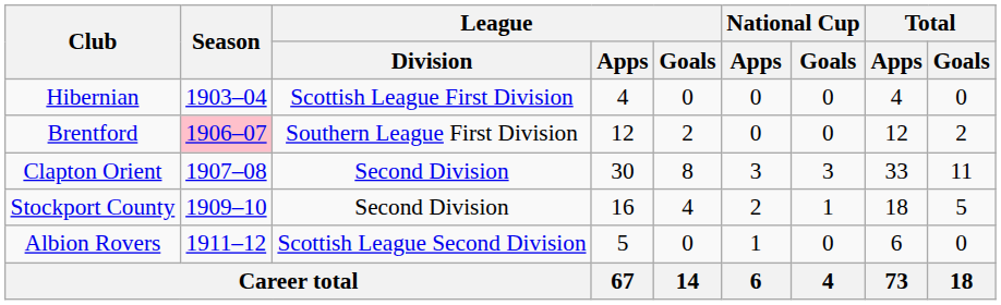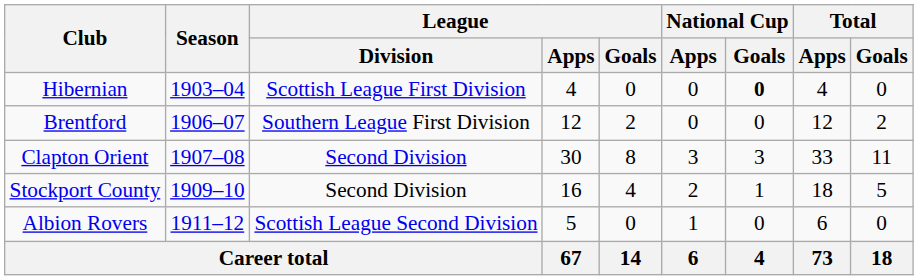 <table class="wikitable" style="text-align: center;">
 <tr>
 <th rowspan="2">Club</th>
 <th rowspan="2">Season</th>
 <th colspan="3">League</th>
 <th colspan="2">National Cup</th>
 <th colspan="2">Total</th>
 </tr>
 <tr>
 <th>Division</th>
 <th>Apps</th>
 <th>Goals</th>
 <th>Apps</th>
 <th>Goals</th>
 <th>Apps</th>
 <th>Goals</th>
 </tr>
 <tr>
 <td><a href='#'>Hibernian</a></td>
 <td><a href='#'>1903–04</a></td>
 <td><a href='#'>Scottish League First Division</a></td>
 <td>4</td>
 <td>0</td>
 <td>0</td>
-<td>0</td>
+<td><strong>0</strong></td>
 <td>4</td>
 <td>0</td>
 </tr>
 <tr>
 <td><a href='#'>Brentford</a></td>
-<td style="background: pink;"><a href='#'>1906–07</a></td>
+<td><a href='#'>1906–07</a></td>
 <td><a href='#'>Southern League</a> First Division</td>
 <td>12</td>
 <td>2</td>
 <td>0</td>
 <td>0</td>
 <td>12</td>
 <td>2</td>
 </tr>
 <tr>
 <td><a href='#'>Clapton Orient</a></td>
 <td><a href='#'>1907–08</a></td>
 <td><a href='#'>Second Division</a></td>
 <td>30</td>
 <td>8</td>
 <td>3</td>
 <td>3</td>
 <td>33</td>
 <td>11</td>
 </tr>
 <tr>
 <td><a href='#'>Stockport County</a></td>
 <td><a href='#'>1909–10</a></td>
 <td>Second Division</td>
 <td>16</td>
 <td>4</td>
 <td>2</td>
 <td>1</td>
 <td>18</td>
 <td>5</td>
 </tr>
 <tr>
 <td><a href='#'>Albion Rovers</a></td>
 <td><a href='#'>1911–12</a></td>
 <td><a href='#'>Scottish League Second Division</a></td>
 <td>5</td>
 <td>0</td>
 <td>1</td>
 <td>0</td>
 <td>6</td>
 <td>0</td>
 </tr>
 <tr>
 <th colspan="3">Career total</th>
 <th>67</th>
 <th>14</th>
 <th>6</th>
 <th>4</th>
 <th>73</th>
 <th>18</th>
 </tr>
 </table>
